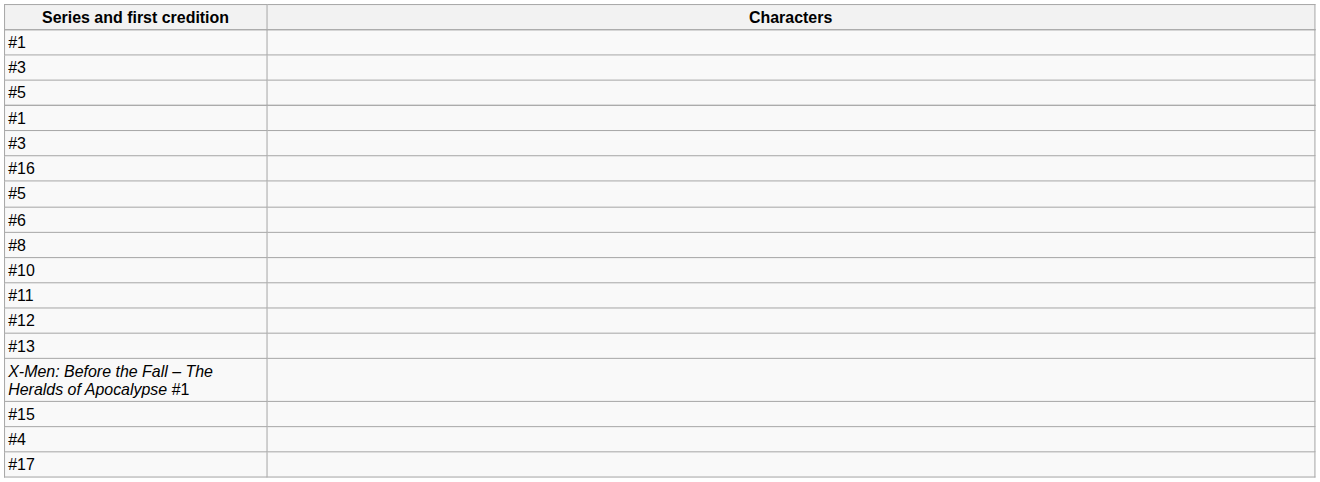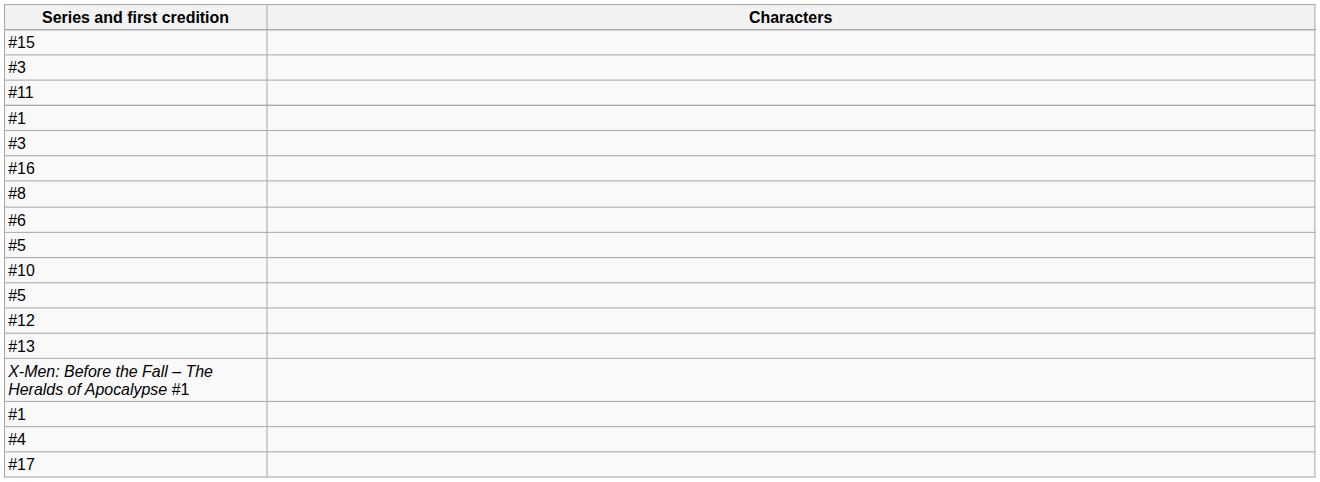 <table class="wikitable" style="margins:auto; width=95%; font-size: 95%;">
 <tr>
 <th width="20%">Series and first credition</th>
 <th>Characters</th>
 </tr>
 <tr>
 </tr>
 <tr>
-<td>#1</td>
+<td>#15</td>
 <td></td>
 </tr>
 <tr>
 <td>#3</td>
 <td></td>
 </tr>
 <tr>
-<td>#5</td>
+<td>#11</td>
 <td></td>
 </tr>
 <tr>
 </tr>
 <tr>
 <td>#1</td>
 <td></td>
 </tr>
 <tr>
 <td>#3</td>
 <td></td>
 </tr>
 <tr>
 <td>#16</td>
 <td></td>
 </tr>
 <tr>
-<td>#5</td>
+<td>#8</td>
 <td></td>
 </tr>
 <tr>
 <td>#6</td>
 <td></td>
 </tr>
 <tr>
-<td>#8</td>
+<td>#5</td>
 <td></td>
 </tr>
 <tr>
 <td>#10</td>
 <td></td>
 </tr>
 <tr>
-<td>#11</td>
+<td>#5</td>
 <td></td>
 </tr>
 <tr>
 <td>#12</td>
 <td></td>
 </tr>
 <tr>
 <td>#13</td>
 <td></td>
 </tr>
 <tr>
 <td><em>X-Men: Before the Fall – The Heralds of Apocalypse</em> #1</td>
 <td></td>
 </tr>
 <tr>
-<td>#15</td>
+<td>#1</td>
 <td></td>
 </tr>
 <tr>
 <td>#4</td>
 <td></td>
 </tr>
 <tr>
 <td>#17</td>
 <td></td>
 </tr>
 </table>
